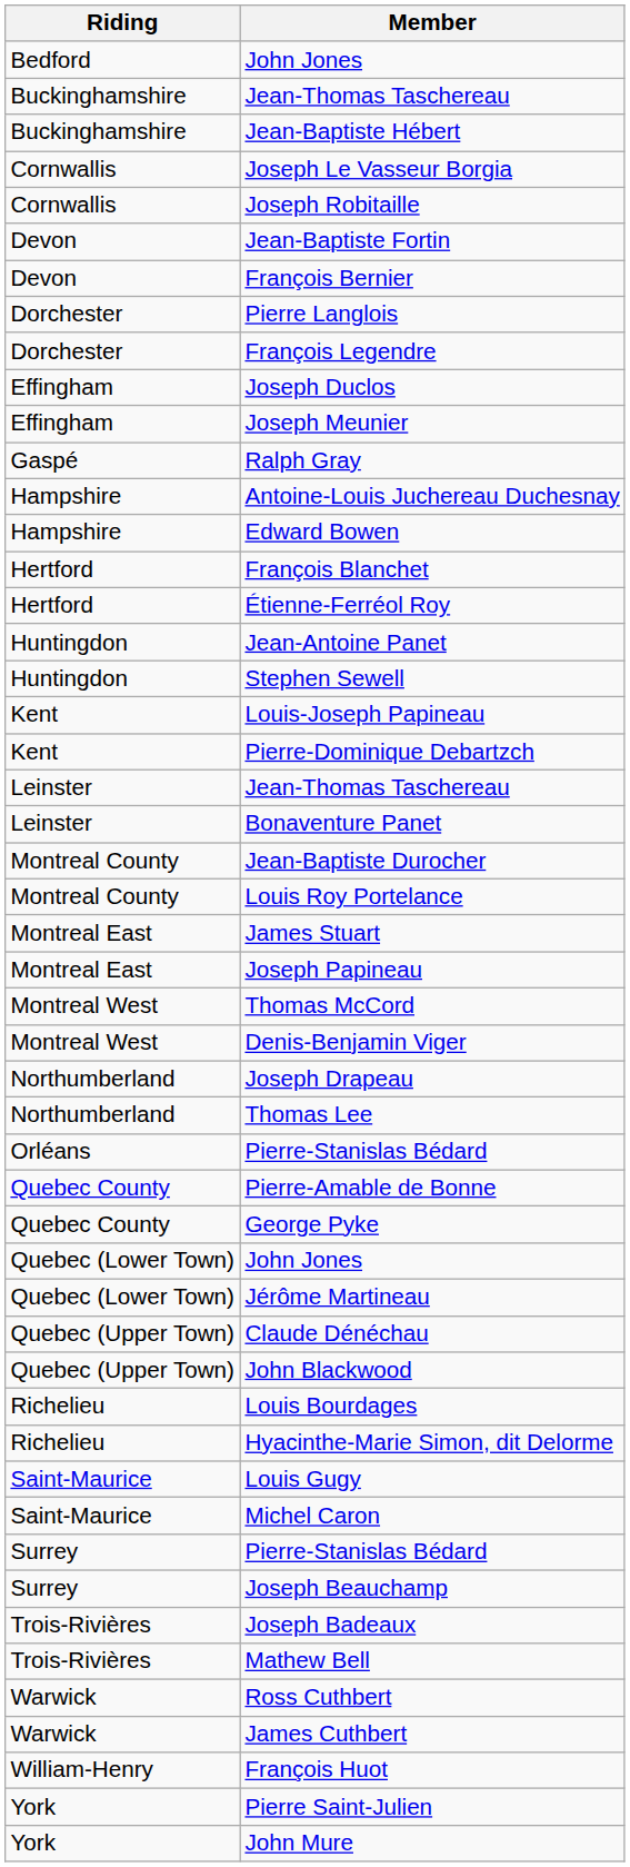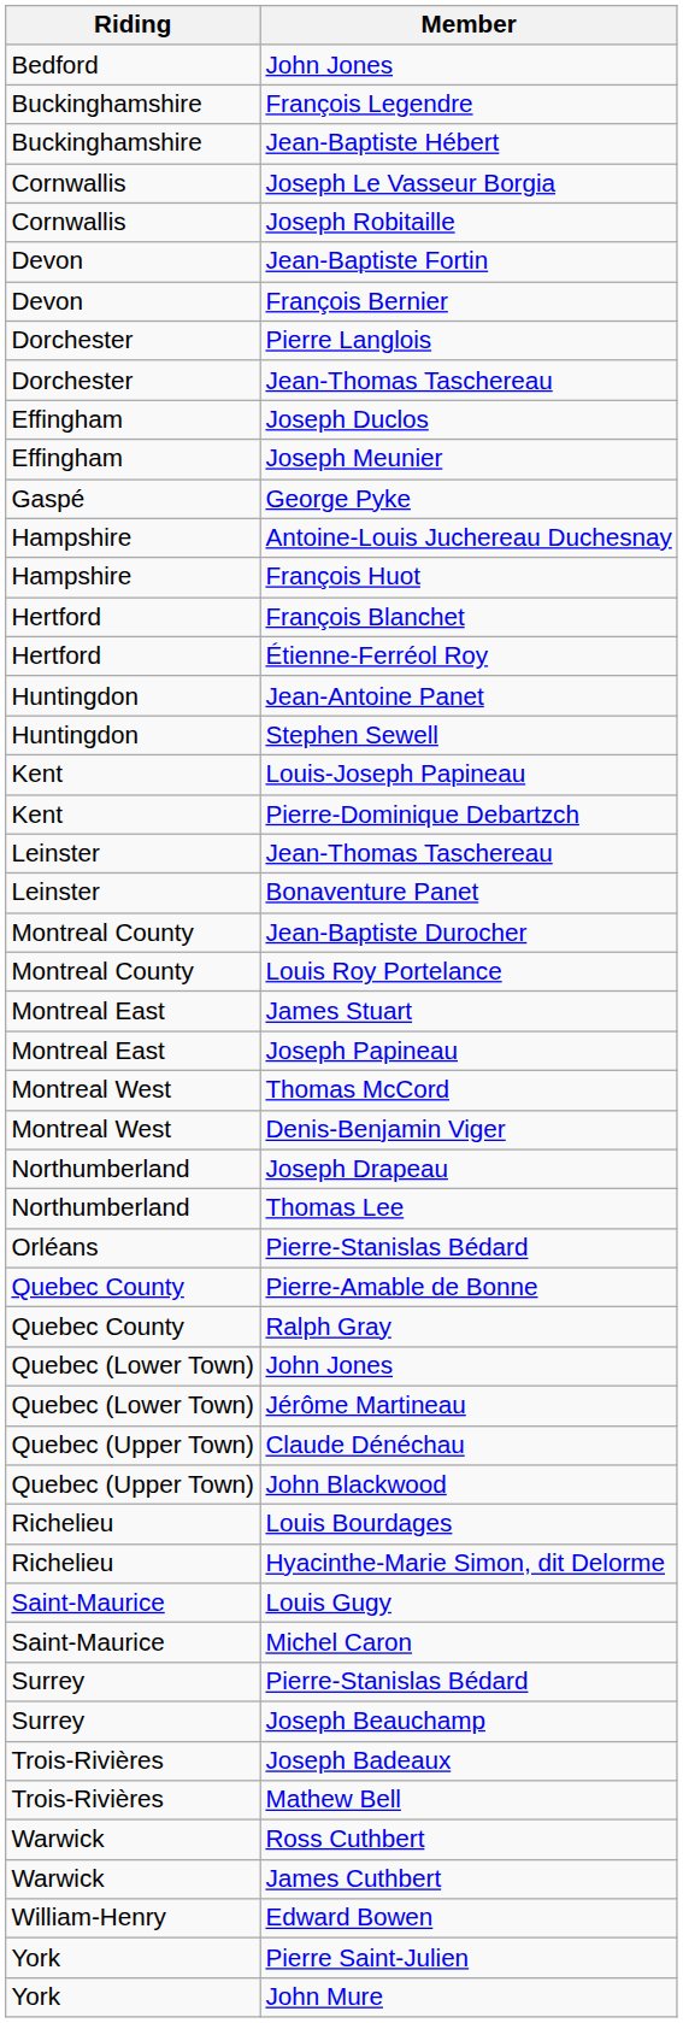 <table class="wikitable">
 <tr>
 <th>Riding</th>
 <th>Member</th>
 </tr>
 <tr>
 <td>Bedford</td>
 <td><a href='#'>John Jones</a></td>
 </tr>
 <tr>
 <td>Buckinghamshire</td>
-<td><a href='#'>Jean-Thomas Taschereau</a></td>
+<td><a href='#'>François Legendre</a></td>
 </tr>
 <tr>
 <td>Buckinghamshire</td>
 <td><a href='#'>Jean-Baptiste Hébert</a></td>
 </tr>
 <tr>
 <td>Cornwallis</td>
 <td><a href='#'>Joseph Le Vasseur Borgia</a></td>
 </tr>
 <tr>
 <td>Cornwallis</td>
 <td><a href='#'>Joseph Robitaille</a></td>
 </tr>
 <tr>
 <td>Devon</td>
 <td><a href='#'>Jean-Baptiste Fortin</a></td>
 </tr>
 <tr>
 <td>Devon</td>
 <td><a href='#'>François Bernier</a></td>
 </tr>
 <tr>
 <td>Dorchester</td>
 <td><a href='#'>Pierre Langlois</a></td>
 </tr>
 <tr>
 <td>Dorchester</td>
-<td><a href='#'>François Legendre</a></td>
+<td><a href='#'>Jean-Thomas Taschereau</a></td>
 </tr>
 <tr>
 <td>Effingham</td>
 <td><a href='#'>Joseph Duclos</a></td>
 </tr>
 <tr>
 <td>Effingham</td>
 <td><a href='#'>Joseph Meunier</a></td>
 </tr>
 <tr>
 <td>Gaspé</td>
-<td><a href='#'>Ralph Gray</a></td>
+<td><a href='#'>George Pyke</a></td>
 </tr>
 <tr>
 <td>Hampshire</td>
 <td><a href='#'>Antoine-Louis Juchereau Duchesnay</a></td>
 </tr>
 <tr>
 <td>Hampshire</td>
-<td><a href='#'>Edward Bowen</a></td>
+<td><a href='#'>François Huot</a></td>
 </tr>
 <tr>
 <td>Hertford</td>
 <td><a href='#'>François Blanchet</a></td>
 </tr>
 <tr>
 <td>Hertford</td>
 <td><a href='#'>Étienne-Ferréol Roy</a></td>
 </tr>
 <tr>
 <td>Huntingdon</td>
 <td><a href='#'>Jean-Antoine Panet</a></td>
 </tr>
 <tr>
 <td>Huntingdon</td>
 <td><a href='#'>Stephen Sewell</a></td>
 </tr>
 <tr>
 <td>Kent</td>
 <td><a href='#'>Louis-Joseph Papineau</a></td>
 </tr>
 <tr>
 <td>Kent</td>
 <td><a href='#'>Pierre-Dominique Debartzch</a></td>
 </tr>
 <tr>
 <td>Leinster</td>
 <td><a href='#'>Jean-Thomas Taschereau</a></td>
 </tr>
 <tr>
 <td>Leinster</td>
 <td><a href='#'>Bonaventure Panet</a></td>
 </tr>
 <tr>
 <td>Montreal County</td>
 <td><a href='#'>Jean-Baptiste Durocher</a></td>
 </tr>
 <tr>
 <td>Montreal County</td>
 <td><a href='#'>Louis Roy Portelance</a></td>
 </tr>
 <tr>
 <td>Montreal East</td>
 <td><a href='#'>James Stuart</a></td>
 </tr>
 <tr>
 <td>Montreal East</td>
 <td><a href='#'>Joseph Papineau</a></td>
 </tr>
 <tr>
 <td>Montreal West</td>
 <td><a href='#'>Thomas McCord</a></td>
 </tr>
 <tr>
 <td>Montreal West</td>
 <td><a href='#'>Denis-Benjamin Viger</a></td>
 </tr>
 <tr>
 <td>Northumberland</td>
 <td><a href='#'>Joseph Drapeau</a></td>
 </tr>
 <tr>
 <td>Northumberland</td>
 <td><a href='#'>Thomas Lee</a></td>
 </tr>
 <tr>
 <td>Orléans</td>
 <td><a href='#'>Pierre-Stanislas Bédard</a></td>
 </tr>
 <tr>
 <td><a href='#'>Quebec County</a></td>
 <td><a href='#'>Pierre-Amable de Bonne</a></td>
 </tr>
 <tr>
 <td>Quebec County</td>
-<td><a href='#'>George Pyke</a></td>
+<td><a href='#'>Ralph Gray</a></td>
 </tr>
 <tr>
 <td>Quebec (Lower Town)</td>
 <td><a href='#'>John Jones</a></td>
 </tr>
 <tr>
 <td>Quebec (Lower Town)</td>
 <td><a href='#'>Jérôme Martineau</a></td>
 </tr>
 <tr>
 <td>Quebec (Upper Town)</td>
 <td><a href='#'>Claude Dénéchau</a></td>
 </tr>
 <tr>
 <td>Quebec (Upper Town)</td>
 <td><a href='#'>John Blackwood</a></td>
 </tr>
 <tr>
 <td>Richelieu</td>
 <td><a href='#'>Louis Bourdages</a></td>
 </tr>
 <tr>
 <td>Richelieu</td>
 <td><a href='#'>Hyacinthe-Marie Simon, dit Delorme</a></td>
 </tr>
 <tr>
 <td><a href='#'>Saint-Maurice</a></td>
 <td><a href='#'>Louis Gugy</a></td>
 </tr>
 <tr>
 <td>Saint-Maurice</td>
 <td><a href='#'>Michel Caron</a></td>
 </tr>
 <tr>
 <td>Surrey</td>
 <td><a href='#'>Pierre-Stanislas Bédard</a></td>
 </tr>
 <tr>
 <td>Surrey</td>
 <td><a href='#'>Joseph Beauchamp</a></td>
 </tr>
 <tr>
 <td>Trois-Rivières</td>
 <td><a href='#'>Joseph Badeaux</a></td>
 </tr>
 <tr>
 <td>Trois-Rivières</td>
 <td><a href='#'>Mathew Bell</a></td>
 </tr>
 <tr>
 <td>Warwick</td>
 <td><a href='#'>Ross Cuthbert</a></td>
 </tr>
 <tr>
 <td>Warwick</td>
 <td><a href='#'>James Cuthbert</a></td>
 </tr>
 <tr>
 <td>William-Henry</td>
-<td><a href='#'>François Huot</a></td>
+<td><a href='#'>Edward Bowen</a></td>
 </tr>
 <tr>
 <td>York</td>
 <td><a href='#'>Pierre Saint-Julien</a></td>
 </tr>
 <tr>
 <td>York</td>
 <td><a href='#'>John Mure</a></td>
 </tr>
 </table>
